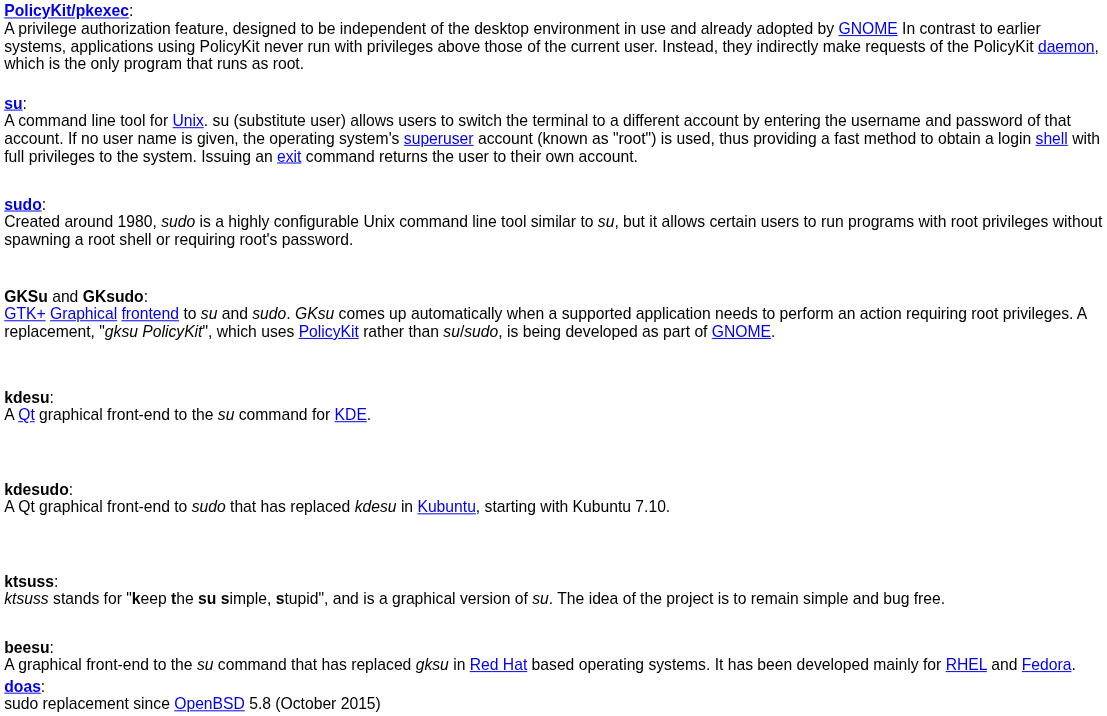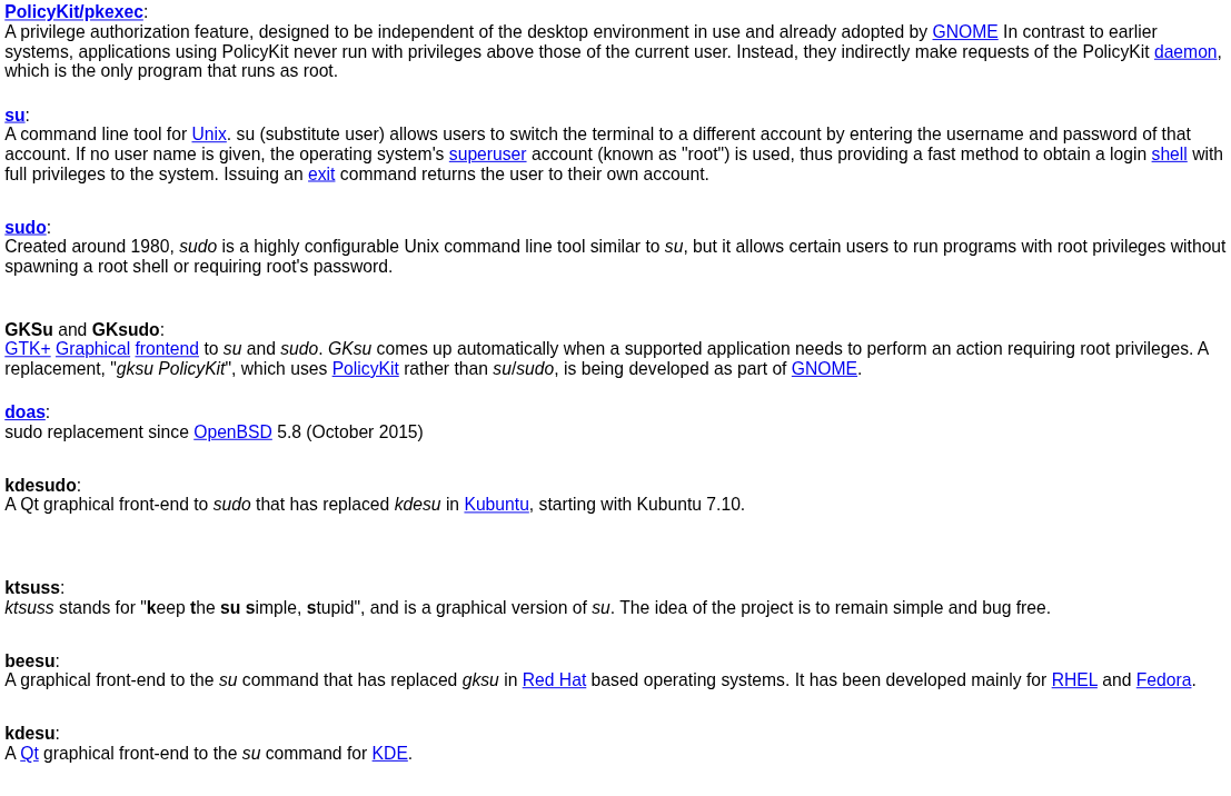 <table>
 <tr>
 <td style="width:130px;height:90px;text-align:center"></td>
 <td><strong><a href='#'>PolicyKit/pkexec</a></strong>:<br>A privilege authorization feature, designed to be independent of the desktop environment in use and already adopted by <a href='#'>GNOME</a> In contrast to earlier systems, applications using PolicyKit never run with privileges above those of the current user. Instead, they indirectly make requests of the PolicyKit <a href='#'>daemon</a>, which is the only program that runs as root.</td>
 </tr>
 <tr>
 <td style="width:130px;height:90px;text-align:center"></td>
 <td><strong><a href='#'>su</a></strong>:<br>A command line tool for <a href='#'>Unix</a>. su (substitute user) allows users to switch the terminal to a different account by entering the username and password of that account. If no user name is given, the operating system's <a href='#'>superuser</a> account (known as "root") is used, thus providing a fast method to obtain a login <a href='#'>shell</a> with full privileges to the system. Issuing an <a href='#'>exit</a> command returns the user to their own account.</td>
 </tr>
 <tr>
 <td style="width:130px;height:90px;text-align:center"></td>
 <td><strong><a href='#'>sudo</a></strong>:<br>Created around 1980, <em>sudo</em> is a highly configurable Unix command line tool similar to <em>su</em>, but it allows certain users to run programs with root privileges without spawning a root shell or requiring root's password.</td>
 </tr>
 <tr>
 <td style="width:130px;height:90px;text-align:center"></td>
 <td><strong>GKSu</strong> and <strong>GKsudo</strong>:<br><a href='#'>GTK+</a> <a href='#'>Graphical</a> <a href='#'>frontend</a> to <em>su</em> and <em>sudo</em>. <em>GKsu</em> comes up automatically when a supported application needs to perform an action requiring root privileges.  A replacement, "<em>gksu PolicyKit</em>", which uses <a href='#'>PolicyKit</a> rather than <em>su</em>/<em>sudo</em>, is being developed as part of <a href='#'>GNOME</a>.</td>
 </tr>
 <tr>
-<td style="width:130px;height:90px;text-align:center"></td>
-<td><strong>kdesu</strong>:<br>A <a href='#'>Qt</a> graphical front-end to the <em>su</em> command for <a href='#'>KDE</a>.</td>
+<td></td>
+<td><strong><a href='#'>doas</a></strong>:<br> sudo replacement since <a href='#'>OpenBSD</a> 5.8 (October 2015)</td>
 </tr>
 <tr>
 <td style="width:130px;height:90px;text-align:center"></td>
 <td><strong>kdesudo</strong>:<br>A Qt graphical front-end to <em>sudo</em> that has replaced <em>kdesu</em> in <a href='#'>Kubuntu</a>, starting with Kubuntu 7.10.</td>
 </tr>
 <tr>
 <td style="width:130px;height:90px;text-align:center"></td>
 <td><strong>ktsuss</strong>:<br><em>ktsuss</em> stands for "<strong>k</strong>eep <strong>t</strong>he <strong>su</strong> <strong>s</strong>imple, <strong>s</strong>tupid", and is a graphical version of <em>su</em>. The idea of the project is to remain simple and bug free.</td>
 </tr>
 <tr>
 <td style="width:130px;"></td>
 <td><strong>beesu</strong>:<br>A graphical front-end to the <em>su</em> command that has replaced <em>gksu</em> in <a href='#'>Red Hat</a> based operating systems. It has been developed mainly for <a href='#'>RHEL</a> and <a href='#'>Fedora</a>.</td>
 </tr>
 <tr>
-<td></td>
-<td><strong><a href='#'>doas</a></strong>:<br> sudo replacement since <a href='#'>OpenBSD</a> 5.8 (October 2015)</td>
+<td style="width:130px;height:90px;text-align:center"></td>
+<td><strong>kdesu</strong>:<br>A <a href='#'>Qt</a> graphical front-end to the <em>su</em> command for <a href='#'>KDE</a>.</td>
 </tr>
 </table>
